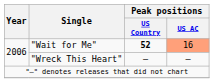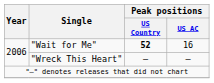 <table class="wikitable" style="text-align:center;">
 <tr>
 <th rowspan="2">Year</th>
 <th rowspan="2">Single</th>
 <th colspan="2">Peak positions</th>
 </tr>
 <tr style="font-size:smaller;">
 <th width="60"><a href='#'>US Country</a></th>
 <th width="60"><a href='#'>US AC</a></th>
 </tr>
 <tr>
 <td rowspan="2">2006</td>
 <td align="left">"Wait for Me"</td>
 <td><strong>52</strong></td>
-<td style="background: lightsalmon;">16</td>
+<td>16</td>
 </tr>
 <tr>
 <td align="left">"Wreck This Heart"</td>
 <td>—</td>
 <td>—</td>
 </tr>
 <tr>
 <td colspan="10" style="font-size:8pt">"—" denotes releases that did not chart</td>
 </tr>
 <tr>
 </tr>
 </table>
